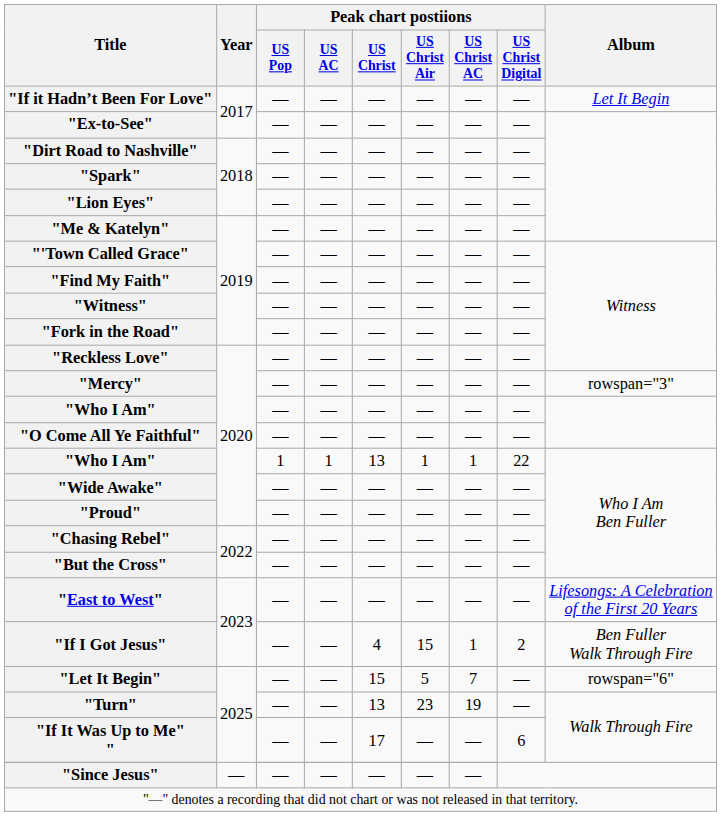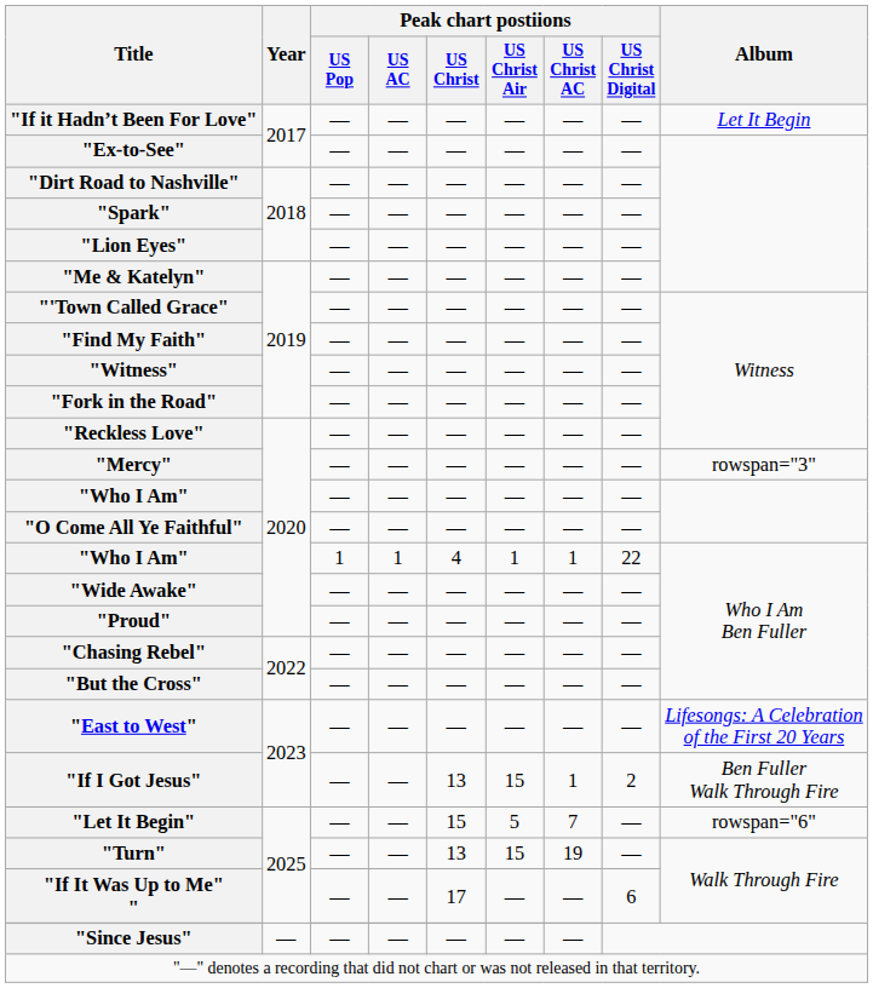 <table class="wikitable plainrowheaders" style="text-align:center;">
 <tr>
 <th rowspan="2">Title</th>
 <th rowspan="2">Year</th>
 <th colspan="6">Peak chart postiions</th>
 <th rowspan="2">Album</th>
 </tr>
 <tr>
 <th scope="col" style="width:3em;font-size:85%;"><a href='#'>US<br>Pop</a><br></th>
 <th scope="col" style="width:3em;font-size:85%;"><a href='#'>US<br>AC</a><br></th>
 <th scope="col" style="width:3em;font-size:85%;"><a href='#'>US<br>Christ</a><br></th>
 <th scope="col" style="width:3em;font-size:85%;"><a href='#'>US<br>Christ<br>Air</a><br></th>
 <th scope="col" style="width:3em;font-size:85%;"><a href='#'>US<br>Christ<br>AC</a><br></th>
 <th scope="col" style="width:3em;font-size:85%;"><a href='#'>US<br>Christ<br>Digital</a><br></th>
 </tr>
 <tr>
 <th scope="row">"If it Hadn’t Been For Love"</th>
 <td rowspan="2">2017</td>
 <td>—</td>
 <td>—</td>
 <td>—</td>
 <td>—</td>
 <td>—</td>
 <td>—</td>
 <td rowspan=""><em><a href='#'>Let It Begin</a></em></td>
 </tr>
 <tr>
 <th scope="row">"Ex-to-See"</th>
 <td>—</td>
 <td>—</td>
 <td>—</td>
 <td>—</td>
 <td>—</td>
 <td>—</td>
 </tr>
 <tr>
 <th scope="row">"Dirt Road to Nashville"</th>
 <td rowspan="3">2018</td>
 <td>—</td>
 <td>—</td>
 <td>—</td>
 <td>—</td>
 <td>—</td>
 <td>—</td>
 </tr>
 <tr>
 <th scope="row">"Spark"</th>
 <td>—</td>
 <td>—</td>
 <td>—</td>
 <td>—</td>
 <td>—</td>
 <td>—</td>
 </tr>
 <tr>
 <th scope="row">"Lion Eyes"</th>
 <td>—</td>
 <td>—</td>
 <td>—</td>
 <td>—</td>
 <td>—</td>
 <td>—</td>
 </tr>
 <tr>
 <th scope="row">"Me & Katelyn"</th>
 <td rowspan="5">2019</td>
 <td>—</td>
 <td>—</td>
 <td>—</td>
 <td>—</td>
 <td>—</td>
 <td>—</td>
 </tr>
 <tr>
 <th scope="row">"'Town Called Grace"</th>
 <td>—</td>
 <td>—</td>
 <td>—</td>
 <td>—</td>
 <td>—</td>
 <td>—</td>
 <td rowspan="5"><em>Witness</em></td>
 </tr>
 <tr>
 <th scope="row">"Find My Faith"</th>
 <td>—</td>
 <td>—</td>
 <td>—</td>
 <td>—</td>
 <td>—</td>
 <td>—</td>
 </tr>
 <tr>
 <th scope="row">"Witness"</th>
 <td>—</td>
 <td>—</td>
 <td>—</td>
 <td>—</td>
 <td>—</td>
 <td>—</td>
 </tr>
 <tr>
 <th scope="row">"Fork in the Road"</th>
 <td>—</td>
 <td>—</td>
 <td>—</td>
 <td>—</td>
 <td>—</td>
 <td>—</td>
 </tr>
 <tr>
 <th scope="row">"Reckless Love"<br></th>
 <td rowspan="7">2020</td>
 <td>—</td>
 <td>—</td>
 <td>—</td>
 <td>—</td>
 <td>—</td>
 <td>—</td>
 </tr>
 <tr>
 <th scope="row">"Mercy"<br></th>
 <td>—</td>
 <td>—</td>
 <td>—</td>
 <td>—</td>
 <td>—</td>
 <td>—</td>
 <td>rowspan="3" </td>
 </tr>
 <tr>
 <th scope="row">"Who I Am"<br></th>
 <td>—</td>
 <td>—</td>
 <td>—</td>
 <td>—</td>
 <td>—</td>
 <td>—</td>
 </tr>
 <tr>
 <th scope="row">"O Come All Ye Faithful"</th>
 <td>—</td>
 <td>—</td>
 <td>—</td>
 <td>—</td>
 <td>—</td>
 <td>—</td>
 </tr>
 <tr>
 <th scope="row">"Who I Am"</th>
 <td>1</td>
 <td>1</td>
-<td>13</td>
+<td>4</td>
 <td>1</td>
 <td>1</td>
 <td>22</td>
 <td rowspan="5"><em>Who I Am</em><br><em>Ben Fuller</em></td>
 </tr>
 <tr>
 <th scope="row">"Wide Awake"</th>
 <td>—</td>
 <td>—</td>
 <td>—</td>
 <td>—</td>
 <td>—</td>
 <td>—</td>
 </tr>
 <tr>
 <th scope="row">"Proud"</th>
 <td>—</td>
 <td>—</td>
 <td>—</td>
 <td>—</td>
 <td>—</td>
 <td>—</td>
 </tr>
 <tr>
 <th scope="row">"Chasing Rebel"</th>
 <td rowspan="2">2022</td>
 <td>—</td>
 <td>—</td>
 <td>—</td>
 <td>—</td>
 <td>—</td>
 <td>—</td>
 </tr>
 <tr>
 <th scope="row">"But the Cross"</th>
 <td>—</td>
 <td>—</td>
 <td>—</td>
 <td>—</td>
 <td>—</td>
 <td>—</td>
 </tr>
 <tr>
 <th scope="row">"<a href='#'>East to West</a>"<br></th>
 <td rowspan="2">2023</td>
 <td>—</td>
 <td>—</td>
 <td>—</td>
 <td>—</td>
 <td>—</td>
 <td>—</td>
 <td rowspan=""><em><a href='#'>Lifesongs: A Celebration<br>of the First 20 Years</a></em></td>
 </tr>
 <tr>
 <th scope="row">"If I Got Jesus"</th>
 <td>—</td>
 <td>—</td>
-<td>4</td>
+<td>13</td>
 <td>15</td>
 <td>1</td>
 <td>2</td>
 <td rowspan=""><em>Ben Fuller</em><br><em>Walk Through Fire</em></td>
 </tr>
 <tr>
 <th scope="row">"Let It Begin"<br></th>
 <td rowspan="4">2025</td>
 <td>—</td>
 <td>—</td>
 <td>15</td>
 <td>5</td>
 <td>7</td>
 <td>—</td>
 <td>rowspan="6" </td>
 </tr>
 <tr>
 <th scope="row">"Turn"</th>
 <td>—</td>
 <td>—</td>
 <td>13</td>
-<td>23</td>
+<td>15</td>
 <td>19</td>
 <td>—</td>
 <td rowspan="3"><em>Walk Through Fire</em></td>
 </tr>
 <tr>
 <th scope="row">"If It Was Up to Me"<br>"</th>
 <td>—</td>
 <td>—</td>
 <td>17</td>
 <td>—</td>
 <td>—</td>
 <td>6</td>
 </tr>
 <tr>
 </tr>
 <tr>
 <th scope="row">"Since Jesus"</th>
 <td>—</td>
 <td>—</td>
 <td>—</td>
 <td>—</td>
 <td>—</td>
 <td>—</td>
 </tr>
 <tr>
 <td colspan="9" style="font-size:85%">"—" denotes a recording that did not chart or was not released in that territory.</td>
 </tr>
 </table>
